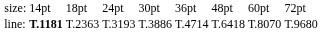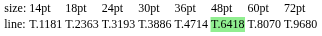 <table style="margin-left:40px;">
 <tr>
 <td>size:</td>
 <td>14pt</td>
 <td>18pt</td>
 <td>24pt</td>
 <td>30pt</td>
 <td>36pt</td>
 <td>48pt</td>
 <td>60pt</td>
 <td>72pt</td>
 </tr>
 <tr>
 <td>line:</td>
-<td><strong>T.1181</strong></td>
+<td>T.1181</td>
 <td>T.2363</td>
 <td>T.3193</td>
 <td>T.3886</td>
 <td>T.4714</td>
-<td>T.6418</td>
+<td style="background: lightgreen;">T.6418</td>
 <td>T.8070</td>
 <td>T.9680</td>
 </tr>
 </table>
